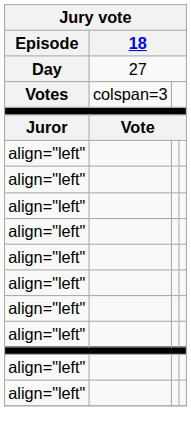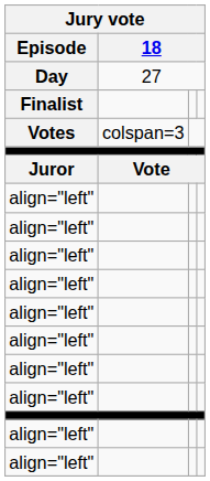 <table class="wikitable" style="text-align:center; font-size:95%">
 <tr>
 <th colspan=4>Jury vote</th>
 </tr>
 <tr>
 <th>Episode</th>
 <th colspan=3><a href='#'>18</a></th>
 </tr>
 <tr>
 <th>Day</th>
 <td colspan=3>27</td>
+</tr>
+<tr>
+<th>Finalist</th>
+<td></td>
+<td></td>
+<td></td>
 </tr>
 <tr>
 <th>Votes</th>
 <td>colspan=3 </td>
 </tr>
 <tr>
 <td colspan="4" bgcolor="black"></td>
 </tr>
 <tr>
 <th>Juror</th>
 <th colspan=3>Vote</th>
 </tr>
 <tr>
 <td>align="left" </td>
 <td></td>
 <td></td>
 <td></td>
 </tr>
 <tr>
 <td>align="left" </td>
 <td></td>
 <td></td>
 <td></td>
 </tr>
 <tr>
 <td>align="left" </td>
 <td></td>
 <td></td>
 <td></td>
 </tr>
 <tr>
 <td>align="left" </td>
 <td></td>
 <td></td>
 <td></td>
 </tr>
 <tr>
 <td>align="left" </td>
 <td></td>
 <td></td>
 <td></td>
 </tr>
 <tr>
 <td>align="left" </td>
 <td></td>
 <td></td>
 <td></td>
 </tr>
 <tr>
 <td>align="left" </td>
 <td></td>
 <td></td>
 <td></td>
 </tr>
 <tr>
 <td>align="left" </td>
 <td></td>
 <td></td>
 <td></td>
 </tr>
 <tr>
 <td colspan="4" bgcolor="black"></td>
 </tr>
 <tr>
 <td>align="left" </td>
 <td></td>
 <td></td>
 <td></td>
 </tr>
 <tr>
 <td>align="left" </td>
 <td></td>
 <td></td>
 <td></td>
 </tr>
 <tr>
 </tr>
 </table>
